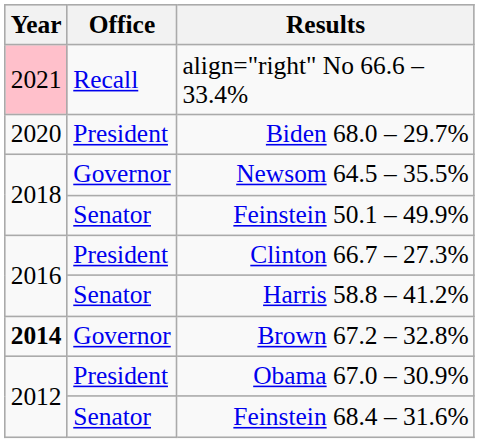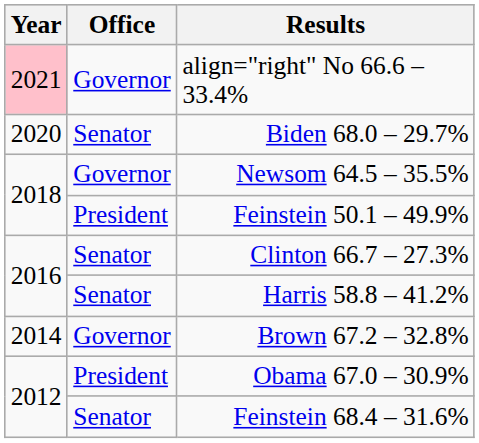 <table class=wikitable>
 <tr>
 <th width="30">Year</th>
 <th width="60">Office</th>
 <th width="180">Results</th>
 </tr>
 <tr>
 <td style="background: pink;">2021</td>
-<td><a href='#'>Recall</a></td>
+<td><a href='#'>Governor</a></td>
 <td>align="right"  No 66.6 – 33.4%</td>
 </tr>
 <tr>
 <td>2020</td>
-<td><a href='#'>President</a></td>
+<td><a href='#'>Senator</a></td>
 <td align="right" ><a href='#'>Biden</a> 68.0 – 29.7%</td>
 </tr>
 <tr>
 <td rowspan="2">2018</td>
 <td><a href='#'>Governor</a></td>
 <td align="right" ><a href='#'>Newsom</a> 64.5 – 35.5%</td>
 </tr>
 <tr>
-<td><a href='#'>Senator</a></td>
+<td><a href='#'>President</a></td>
 <td align="right" ><a href='#'>Feinstein</a> 50.1 – 49.9%</td>
 </tr>
 <tr>
 <td rowspan="2">2016</td>
-<td><a href='#'>President</a></td>
+<td><a href='#'>Senator</a></td>
 <td align="right" ><a href='#'>Clinton</a> 66.7 – 27.3%</td>
 </tr>
 <tr>
 <td><a href='#'>Senator</a></td>
 <td align="right" ><a href='#'>Harris</a> 58.8 – 41.2%</td>
 </tr>
 <tr>
-<td><strong>2014</strong></td>
+<td>2014</td>
 <td><a href='#'>Governor</a></td>
 <td align="right" ><a href='#'>Brown</a> 67.2 – 32.8%</td>
 </tr>
 <tr>
 <td rowspan="2">2012</td>
 <td><a href='#'>President</a></td>
 <td align="right" ><a href='#'>Obama</a> 67.0 – 30.9%</td>
 </tr>
 <tr>
 <td><a href='#'>Senator</a></td>
 <td align="right" ><a href='#'>Feinstein</a> 68.4 – 31.6%</td>
 </tr>
 </table>
